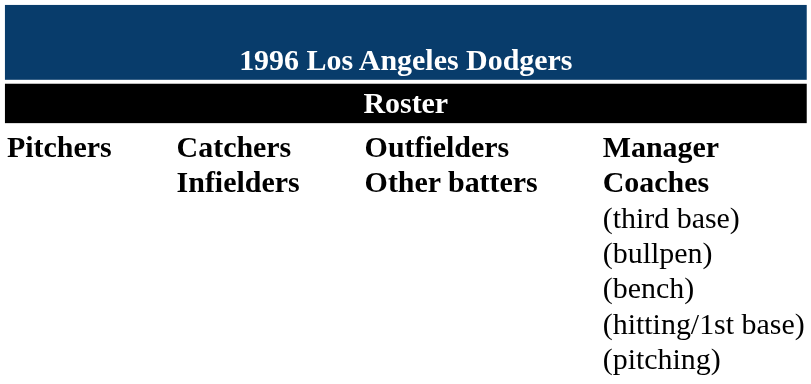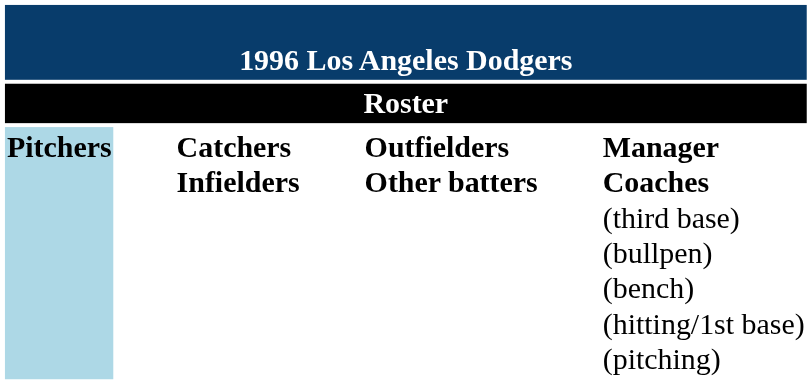 <table class="toccolours" style="font-size: 95%;">
 <tr>
 <th colspan="10" style="background-color: #083c6b; color: #FFFFFF; text-align: center;"><br>1996 Los Angeles Dodgers</th>
 </tr>
 <tr>
 <td colspan="10" style="background-color: black; color: #FFFFFF; text-align: center;"><strong>Roster</strong></td>
 </tr>
 <tr>
-<td valign="top"><strong>Pitchers</strong><br>                         </td>
+<td valign="top" style="background: lightblue;"><strong>Pitchers</strong><br>                         </td>
 <td width="25px"></td>
 <td valign="top"><strong>Catchers</strong><br>   <strong>Infielders</strong>          </td>
 <td width="25px"></td>
 <td valign="top"><strong>Outfielders</strong><br>          <strong>Other batters</strong>  </td>
 <td width="25px"></td>
 <td valign="top"><strong>Manager</strong><br>   <strong>Coaches</strong> <br> (third base)  <br>(bullpen)    <br>(bench)  <br>(hitting/1st base) <br> (pitching)</td>
 </tr>
 </table>
